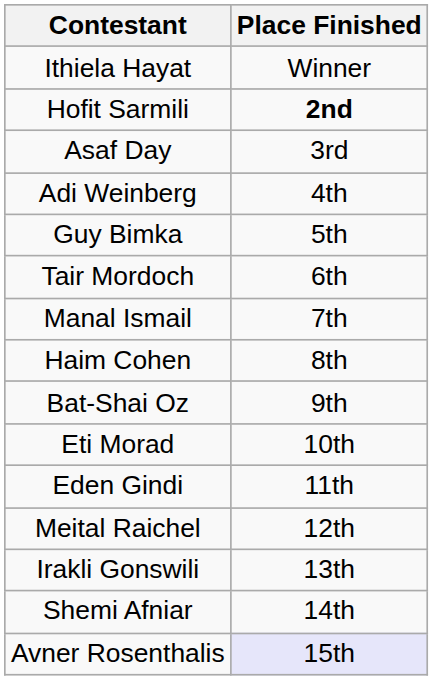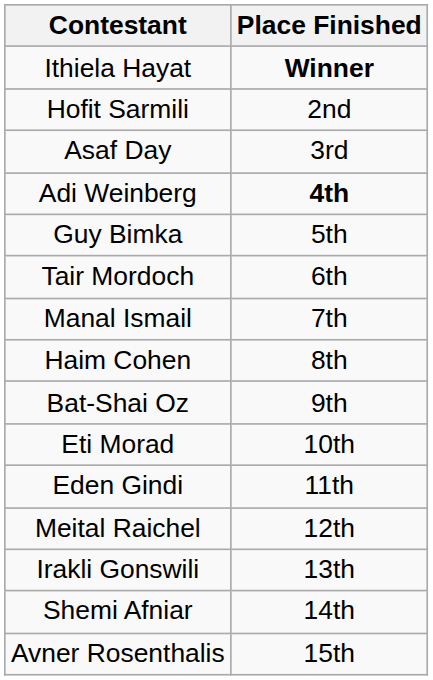 <table class="wikitable" style="text-align:center">
 <tr>
 <th>Contestant</th>
 <th>Place Finished</th>
 </tr>
 <tr>
 <td>Ithiela Hayat</td>
-<td>Winner</td>
+<td><strong>Winner</strong></td>
 </tr>
 <tr>
 <td>Hofit Sarmili</td>
-<td><strong>2nd</strong></td>
+<td>2nd</td>
 </tr>
 <tr>
 <td>Asaf Day</td>
 <td>3rd</td>
 </tr>
 <tr>
 <td>Adi Weinberg</td>
-<td>4th</td>
+<td><strong>4th</strong></td>
 </tr>
 <tr>
 <td>Guy Bimka</td>
 <td>5th</td>
 </tr>
 <tr>
 <td>Tair Mordoch</td>
 <td>6th</td>
 </tr>
 <tr>
 <td>Manal Ismail</td>
 <td>7th</td>
 </tr>
 <tr>
 <td>Haim Cohen</td>
 <td>8th</td>
 </tr>
 <tr>
 <td>Bat-Shai Oz</td>
 <td>9th</td>
 </tr>
 <tr>
 <td>Eti Morad</td>
 <td>10th</td>
 </tr>
 <tr>
 <td>Eden Gindi</td>
 <td>11th</td>
 </tr>
 <tr>
 <td>Meital Raichel</td>
 <td>12th</td>
 </tr>
 <tr>
 <td>Irakli Gonswili</td>
 <td>13th</td>
 </tr>
 <tr>
 <td>Shemi Afniar</td>
 <td>14th</td>
 </tr>
 <tr>
 <td>Avner Rosenthalis</td>
-<td style="background: lavender;">15th</td>
+<td>15th</td>
 </tr>
 </table>
